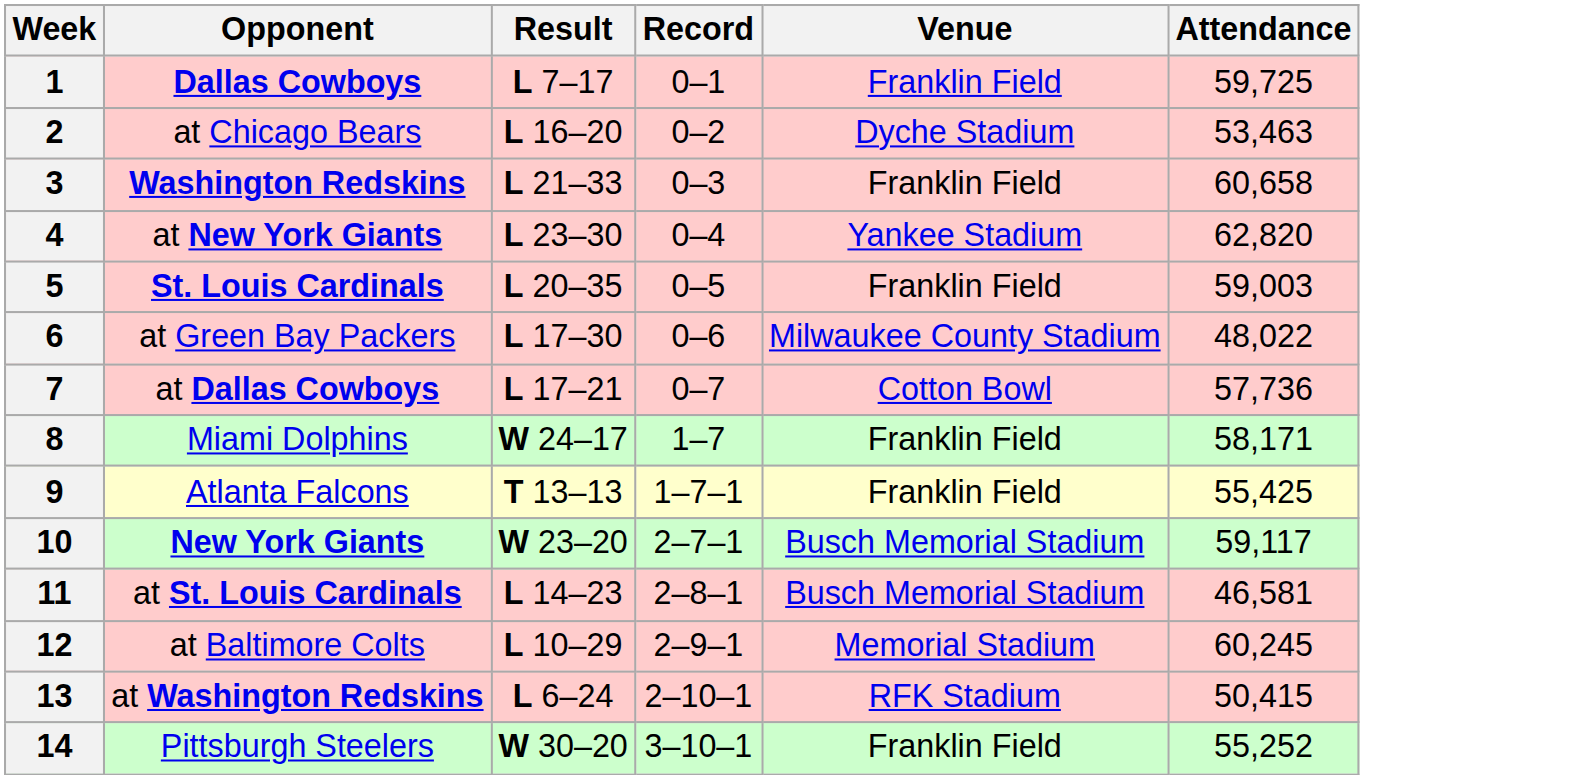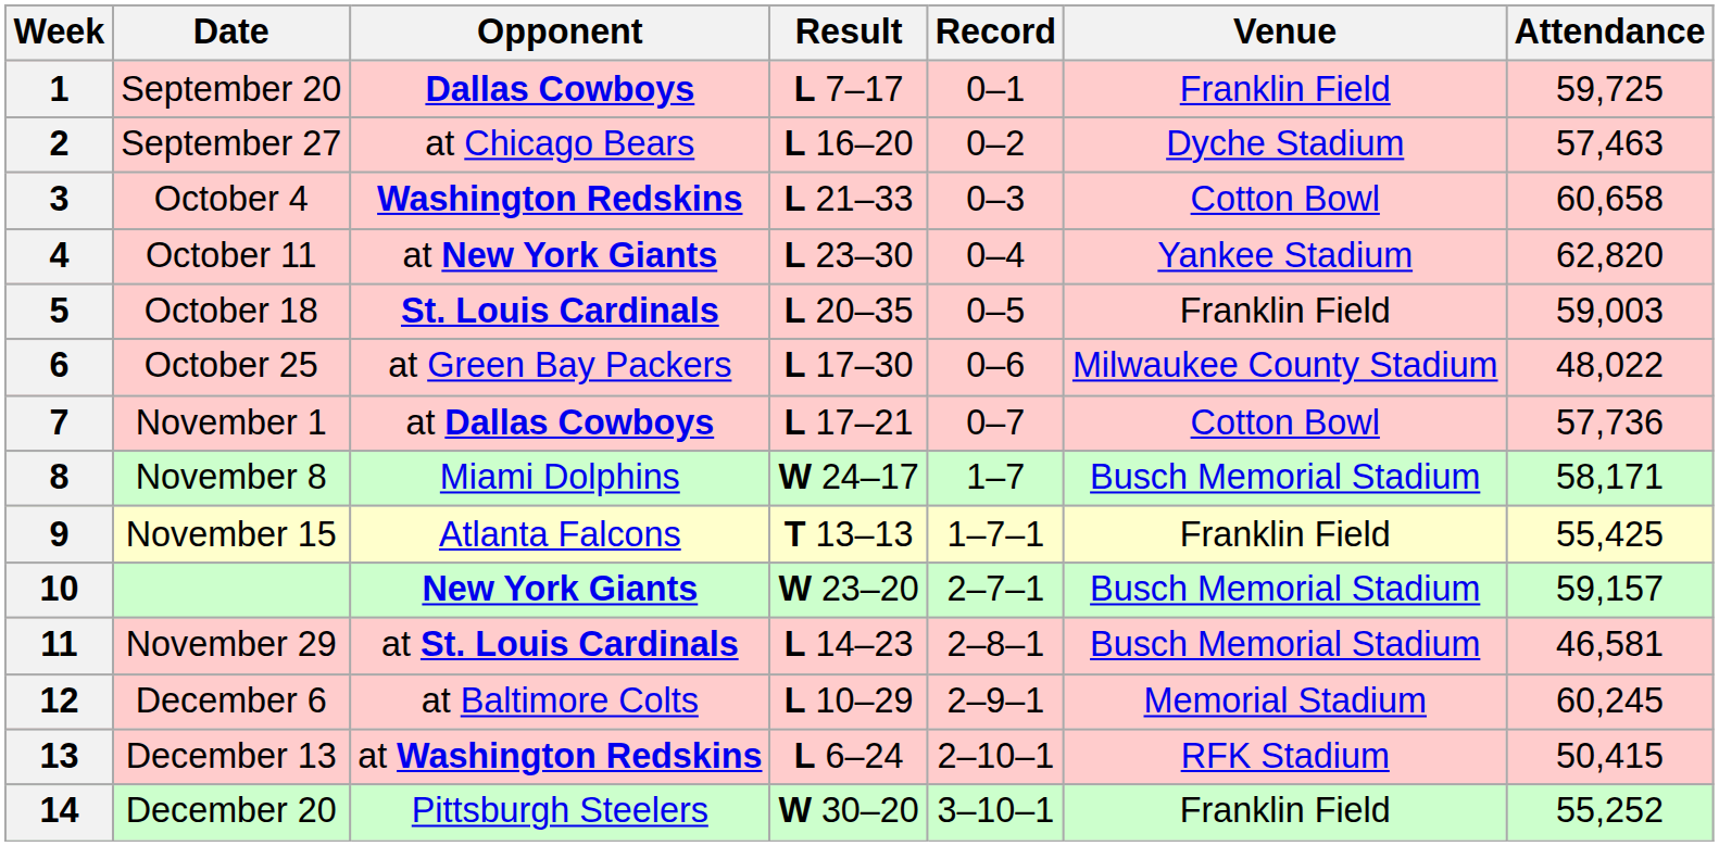 <table class="wikitable" style="text-align:center">
 <tr>
 <th>Week</th>
+<th>Date</th>
 <th>Opponent</th>
 <th>Result</th>
 <th>Record</th>
 <th>Venue</th>
 <th>Attendance</th>
 </tr>
 <tr style="background:#fcc">
 <th>1</th>
+<td>September 20</td>
 <td><strong><a href='#'>Dallas Cowboys</a></strong></td>
 <td><strong>L</strong> 7–17</td>
 <td>0–1</td>
 <td><a href='#'>Franklin Field</a></td>
 <td>59,725</td>
 </tr>
 <tr style="background:#fcc">
 <th>2</th>
+<td>September 27</td>
 <td>at <a href='#'>Chicago Bears</a></td>
 <td><strong>L</strong> 16–20</td>
 <td>0–2</td>
 <td><a href='#'>Dyche Stadium</a></td>
-<td>53,463</td>
+<td>57,463</td>
 </tr>
 <tr style="background:#fcc">
 <th>3</th>
+<td>October 4</td>
 <td><strong><a href='#'>Washington Redskins</a></strong></td>
 <td><strong>L</strong> 21–33</td>
 <td>0–3</td>
-<td>Franklin Field</td>
+<td><a href='#'>Cotton Bowl</a></td>
 <td>60,658</td>
 </tr>
 <tr style="background:#fcc">
 <th>4</th>
+<td>October 11</td>
 <td>at <strong><a href='#'>New York Giants</a></strong></td>
 <td><strong>L</strong> 23–30</td>
 <td>0–4</td>
 <td><a href='#'>Yankee Stadium</a></td>
 <td>62,820</td>
 </tr>
 <tr style="background:#fcc">
 <th>5</th>
+<td>October 18</td>
 <td><strong><a href='#'>St. Louis Cardinals</a></strong></td>
 <td><strong>L</strong> 20–35</td>
 <td>0–5</td>
 <td>Franklin Field</td>
 <td>59,003</td>
 </tr>
 <tr style="background:#fcc">
 <th>6</th>
+<td>October 25</td>
 <td>at <a href='#'>Green Bay Packers</a></td>
 <td><strong>L</strong> 17–30</td>
 <td>0–6</td>
 <td><a href='#'>Milwaukee County Stadium</a></td>
 <td>48,022</td>
 </tr>
 <tr style="background:#fcc">
 <th>7</th>
+<td>November 1</td>
 <td>at <strong><a href='#'>Dallas Cowboys</a></strong></td>
 <td><strong>L</strong> 17–21</td>
 <td>0–7</td>
 <td><a href='#'>Cotton Bowl</a></td>
 <td>57,736</td>
 </tr>
 <tr style="background:#cfc">
 <th>8</th>
+<td>November 8</td>
 <td><a href='#'>Miami Dolphins</a></td>
 <td><strong>W</strong> 24–17</td>
 <td>1–7</td>
-<td>Franklin Field</td>
+<td><a href='#'>Busch Memorial Stadium</a></td>
 <td>58,171</td>
 </tr>
 <tr style="background:#ffc">
 <th>9</th>
+<td>November 15</td>
 <td><a href='#'>Atlanta Falcons</a></td>
 <td><strong>T</strong> 13–13</td>
 <td>1–7–1</td>
 <td>Franklin Field</td>
 <td>55,425</td>
 </tr>
 <tr style="background:#cfc">
 <th>10</th>
+<td></td>
 <td><strong><a href='#'>New York Giants</a></strong></td>
 <td><strong>W</strong> 23–20</td>
 <td>2–7–1</td>
 <td><a href='#'>Busch Memorial Stadium</a></td>
-<td>59,117</td>
+<td>59,157</td>
 </tr>
 <tr style="background:#fcc">
 <th>11</th>
+<td>November 29</td>
 <td>at <strong><a href='#'>St. Louis Cardinals</a></strong></td>
 <td><strong>L</strong> 14–23</td>
 <td>2–8–1</td>
 <td><a href='#'>Busch Memorial Stadium</a></td>
 <td>46,581</td>
 </tr>
 <tr style="background:#fcc">
 <th>12</th>
+<td>December 6</td>
 <td>at <a href='#'>Baltimore Colts</a></td>
 <td><strong>L</strong> 10–29</td>
 <td>2–9–1</td>
 <td><a href='#'>Memorial Stadium</a></td>
 <td>60,245</td>
 </tr>
 <tr style="background:#fcc">
 <th>13</th>
+<td>December 13</td>
 <td>at <strong><a href='#'>Washington Redskins</a></strong></td>
 <td><strong>L</strong> 6–24</td>
 <td>2–10–1</td>
 <td><a href='#'>RFK Stadium</a></td>
 <td>50,415</td>
 </tr>
 <tr style="background:#cfc">
 <th>14</th>
+<td>December 20</td>
 <td><a href='#'>Pittsburgh Steelers</a></td>
 <td><strong>W</strong> 30–20</td>
 <td>3–10–1</td>
 <td>Franklin Field</td>
 <td>55,252</td>
 </tr>
 </table>
